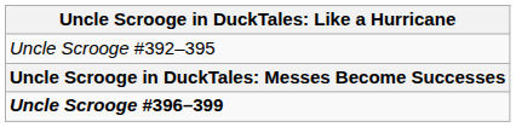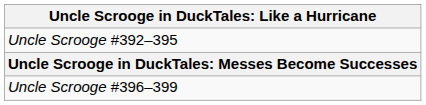 <table class="wikitable">
 <tr>
 <th colspan="2">Uncle Scrooge in DuckTales: Like a Hurricane</th>
 </tr>
 <tr>
 <td valign="top"><em>Uncle Scrooge</em> #392–395</td>
 </tr>
 <tr>
 <th colspan="2">Uncle Scrooge in DuckTales: Messes Become Successes</th>
 </tr>
 <tr>
-<td valign="top"><strong><em>Uncle Scrooge</em> #396–399</strong></td>
+<td valign="top"><em>Uncle Scrooge</em> #396–399</td>
 </tr>
 </table>
